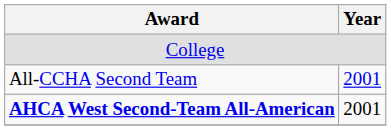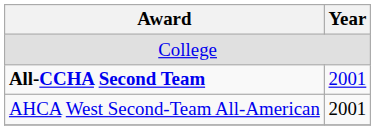 <table class="wikitable">
 <tr>
 <th>Award</th>
 <th>Year</th>
 </tr>
 <tr ALIGN="center" bgcolor="#e0e0e0">
 <td colspan="2"><a href='#'>College</a></td>
 </tr>
 <tr>
-<td>All-<a href='#'>CCHA</a> <a href='#'>Second Team</a></td>
+<td><strong>All-<a href='#'>CCHA</a> <a href='#'>Second Team</a></strong></td>
 <td><a href='#'>2001</a></td>
 </tr>
 <tr>
-<td><strong><a href='#'>AHCA</a> <a href='#'>West Second-Team All-American</a></strong></td>
+<td><a href='#'>AHCA</a> <a href='#'>West Second-Team All-American</a></td>
 <td>2001</td>
 </tr>
 <tr>
 </tr>
 </table>
